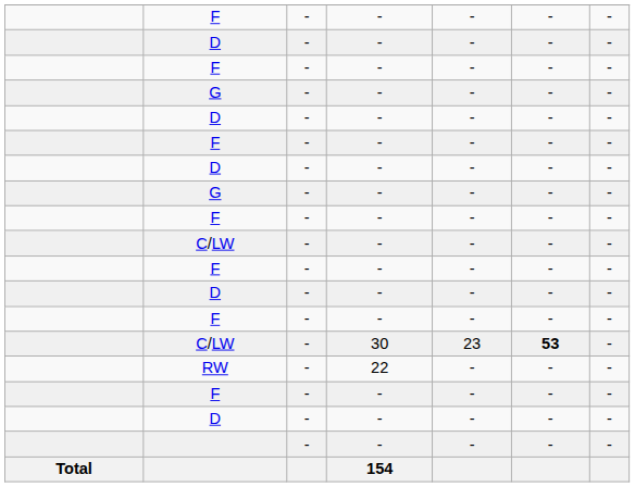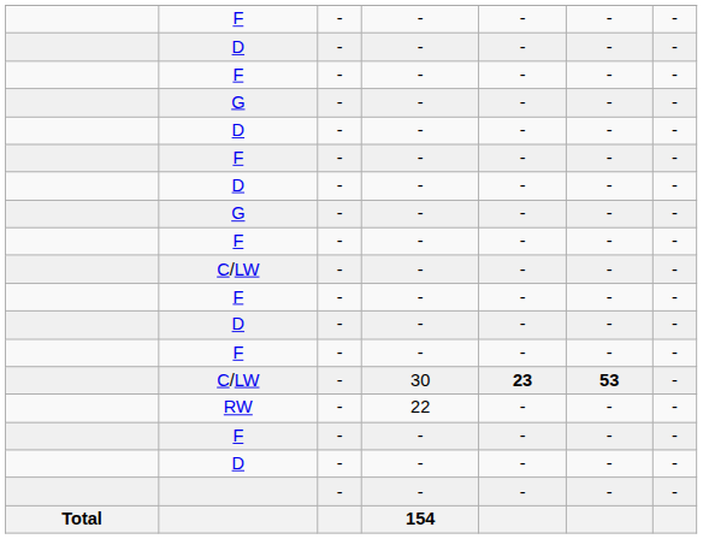 <table class="wikitable sortable" width ="50%">
 <tr align="center">
 </tr>
 <tr align="center" bgcolor="">
 <td></td>
 <td><a href='#'>F</a></td>
 <td>-</td>
 <td>-</td>
 <td>-</td>
 <td>-</td>
 <td>-</td>
 </tr>
 <tr align="center" bgcolor="f0f0f0">
 <td></td>
 <td><a href='#'>D</a></td>
 <td>-</td>
 <td>-</td>
 <td>-</td>
 <td>-</td>
 <td>-</td>
 </tr>
 <tr align="center" bgcolor="">
 <td></td>
 <td><a href='#'>F</a></td>
 <td>-</td>
 <td>-</td>
 <td>-</td>
 <td>-</td>
 <td>-</td>
 </tr>
 <tr align="center" bgcolor="f0f0f0">
 <td></td>
 <td><a href='#'>G</a></td>
 <td>-</td>
 <td>-</td>
 <td>-</td>
 <td>-</td>
 <td>-</td>
 </tr>
 <tr align="center" bgcolor="">
 <td></td>
 <td><a href='#'>D</a></td>
 <td>-</td>
 <td>-</td>
 <td>-</td>
 <td>-</td>
 <td>-</td>
 </tr>
 <tr align="center" bgcolor="f0f0f0">
 <td></td>
 <td><a href='#'>F</a></td>
 <td>-</td>
 <td>-</td>
 <td>-</td>
 <td>-</td>
 <td>-</td>
 </tr>
 <tr align="center" bgcolor="">
 <td></td>
 <td><a href='#'>D</a></td>
 <td>-</td>
 <td>-</td>
 <td>-</td>
 <td>-</td>
 <td>-</td>
 </tr>
 <tr align="center" bgcolor="f0f0f0">
 <td></td>
 <td><a href='#'>G</a></td>
 <td>-</td>
 <td>-</td>
 <td>-</td>
 <td>-</td>
 <td>-</td>
 </tr>
 <tr align="center" bgcolor="">
 <td></td>
 <td><a href='#'>F</a></td>
 <td>-</td>
 <td>-</td>
 <td>-</td>
 <td>-</td>
 <td>-</td>
 </tr>
 <tr align="center" bgcolor="f0f0f0">
 <td></td>
 <td><a href='#'>C</a>/<a href='#'>LW</a></td>
 <td>-</td>
 <td>-</td>
 <td>-</td>
 <td>-</td>
 <td>-</td>
 </tr>
 <tr align="center" bgcolor="">
 <td></td>
 <td><a href='#'>F</a></td>
 <td>-</td>
 <td>-</td>
 <td>-</td>
 <td>-</td>
 <td>-</td>
 </tr>
 <tr align="center" bgcolor="f0f0f0">
 <td></td>
 <td><a href='#'>D</a></td>
 <td>-</td>
 <td>-</td>
 <td>-</td>
 <td>-</td>
 <td>-</td>
 </tr>
 <tr align="center" bgcolor="">
 <td></td>
 <td><a href='#'>F</a></td>
 <td>-</td>
 <td>-</td>
 <td>-</td>
 <td>-</td>
 <td>-</td>
 </tr>
 <tr align="center" bgcolor="f0f0f0">
 <td></td>
 <td><a href='#'>C</a>/<a href='#'>LW</a></td>
 <td>-</td>
 <td>30</td>
-<td>23</td>
+<td><strong>23</strong></td>
 <td><strong>53</strong></td>
 <td>-</td>
 </tr>
 <tr align="center" bgcolor="">
 <td></td>
 <td><a href='#'>RW</a></td>
 <td>-</td>
 <td>22</td>
 <td>-</td>
 <td>-</td>
 <td>-</td>
 </tr>
 <tr align="center" bgcolor="f0f0f0">
 <td></td>
 <td><a href='#'>F</a></td>
 <td>-</td>
 <td>-</td>
 <td>-</td>
 <td>-</td>
 <td>-</td>
 </tr>
 <tr align="center" bgcolor="">
 <td></td>
 <td><a href='#'>D</a></td>
 <td>-</td>
 <td>-</td>
 <td>-</td>
 <td>-</td>
 <td>-</td>
 </tr>
 <tr align="center" bgcolor="f0f0f0">
 <td></td>
 <td></td>
 <td>-</td>
 <td>-</td>
 <td>-</td>
 <td>-</td>
 <td>-</td>
 </tr>
 <tr>
 <th>Total</th>
 <th></th>
 <th></th>
 <th>154</th>
 <th></th>
 <th></th>
 <th></th>
 </tr>
 </table>
